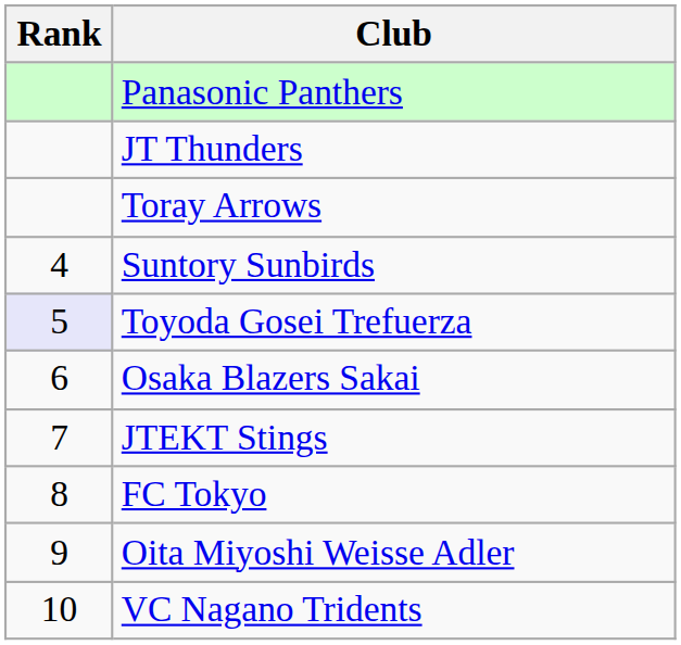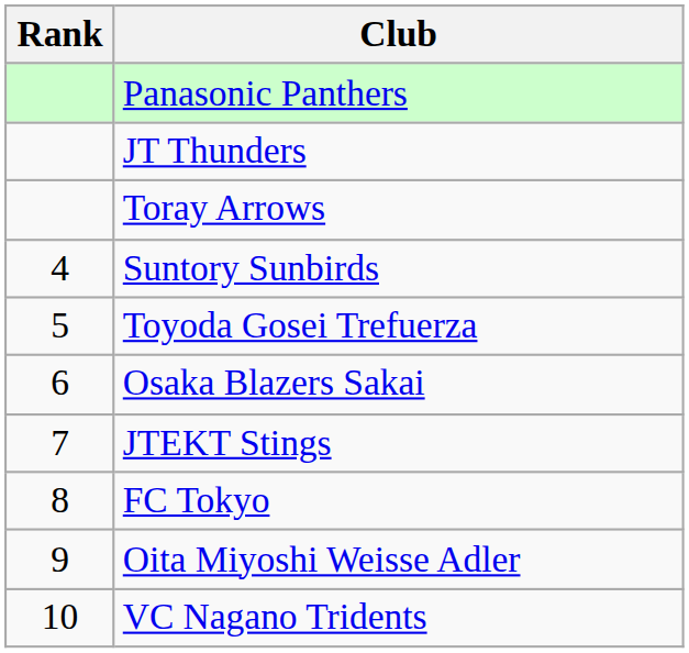 <table class="wikitable" style="text-align: center;">
 <tr>
 <th width=40>Rank</th>
 <th width=240>Club</th>
 </tr>
 <tr align=center bgcolor=#ccffcc>
 <td></td>
 <td style="text-align:left;"><a href='#'>Panasonic Panthers</a></td>
 </tr>
 <tr align=center>
 <td></td>
 <td style="text-align:left;"><a href='#'>JT Thunders</a></td>
 </tr>
 <tr align=center>
 <td></td>
 <td style="text-align:left;"><a href='#'>Toray Arrows</a></td>
 </tr>
 <tr align=center>
 <td>4</td>
 <td style="text-align:left;"><a href='#'>Suntory Sunbirds</a></td>
 </tr>
 <tr align=center>
-<td style="background: lavender;">5</td>
+<td>5</td>
 <td style="text-align:left;"><a href='#'>Toyoda Gosei Trefuerza</a></td>
 </tr>
 <tr align=center>
 <td>6</td>
 <td style="text-align:left;"><a href='#'>Osaka Blazers Sakai</a></td>
 </tr>
 <tr align=center>
 <td>7</td>
 <td style="text-align:left;"><a href='#'>JTEKT Stings</a></td>
 </tr>
 <tr align=center>
 <td>8</td>
 <td style="text-align:left;"><a href='#'>FC Tokyo</a></td>
 </tr>
 <tr align=center>
 <td>9</td>
 <td style="text-align:left;"><a href='#'>Oita Miyoshi Weisse Adler</a></td>
 </tr>
 <tr align=center>
 <td>10</td>
 <td style="text-align:left;"><a href='#'>VC Nagano Tridents</a></td>
 </tr>
 </table>
